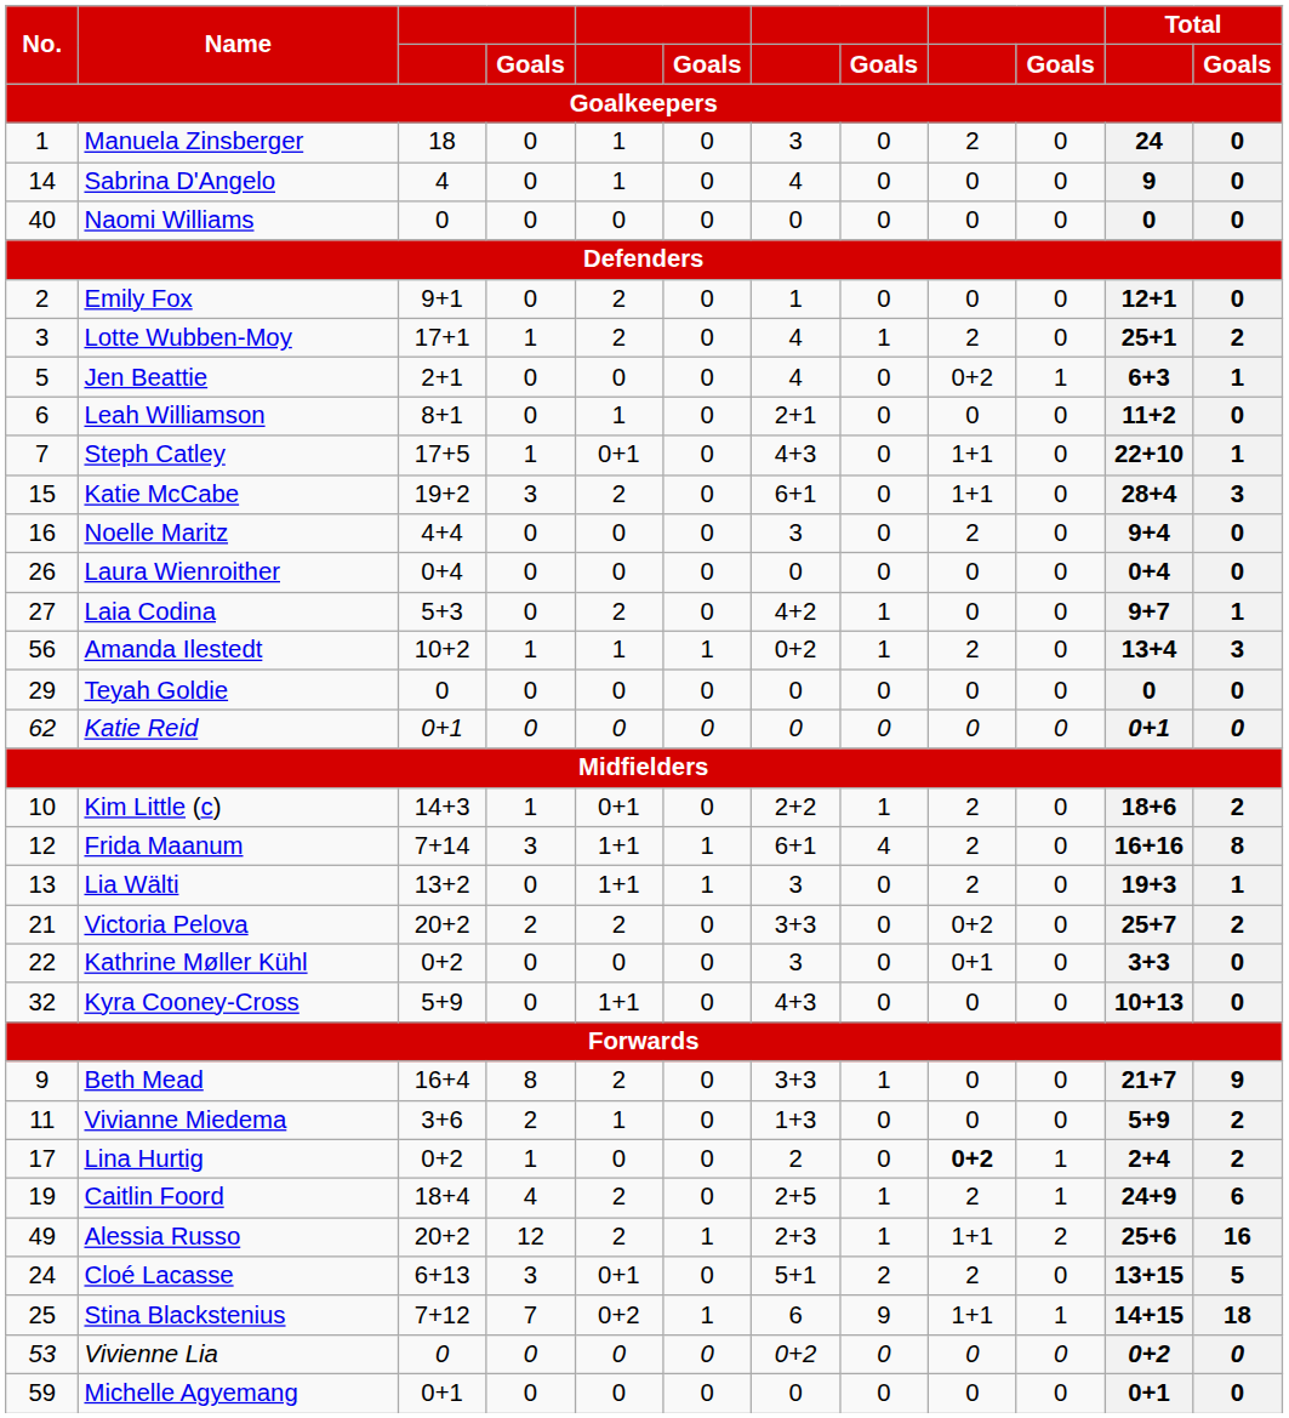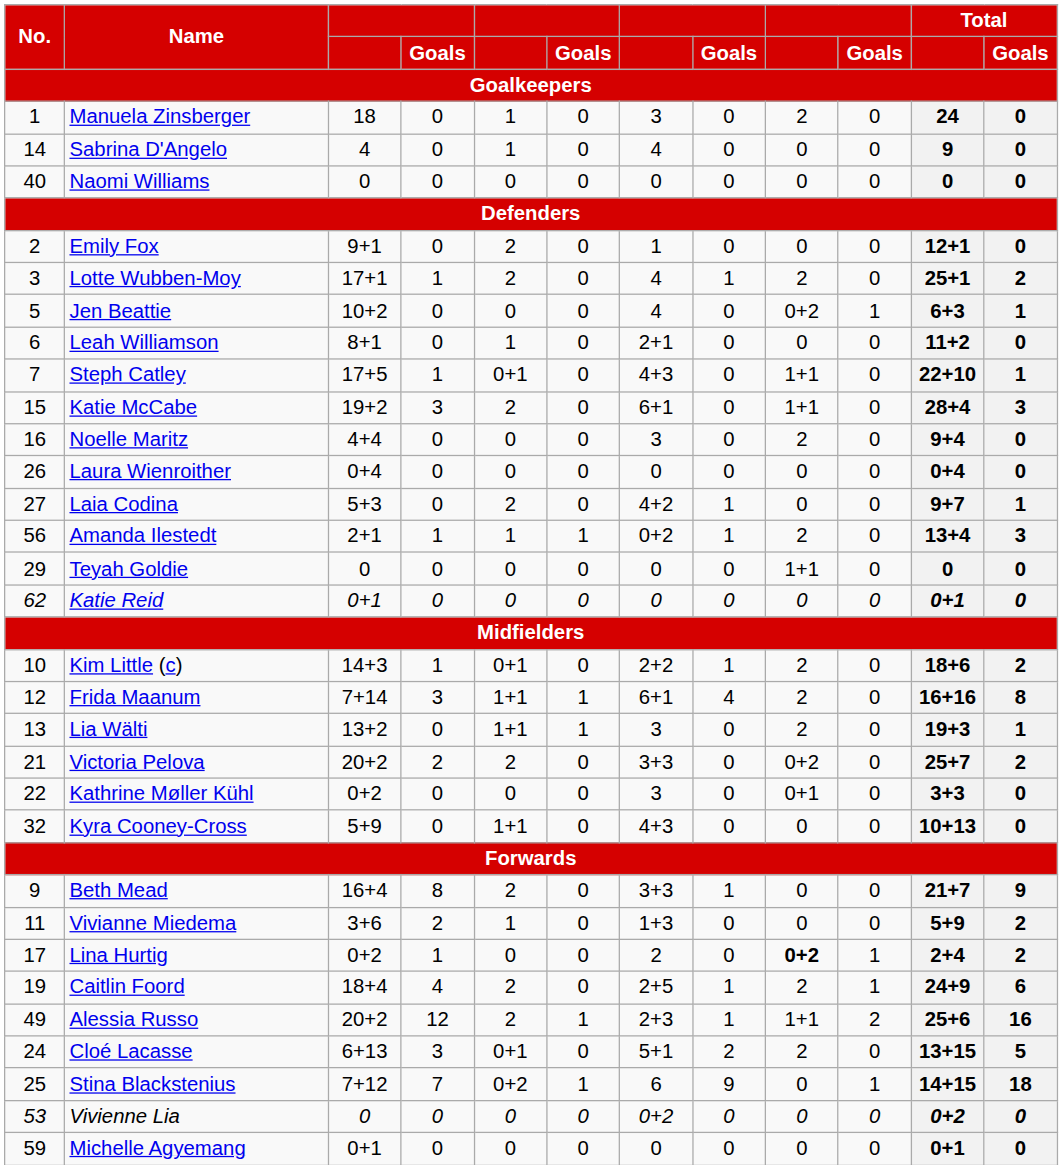 <table class="wikitable" style="text-align:center; font-size:100%; ">
 <tr>
 <th style="background:#d50000; color:white; text-align:center; width:40px;" rowspan="2">No.</th>
 <th style="background:#d50000; color:white; text-align:center; width:200px;" rowspan="2">Name</th>
 <th style="background:#d50000; color:white; text-align:center;" colspan="2"><a href='#'></a></th>
 <th style="background:#d50000; color:white; text-align:center;" colspan="2"><a href='#'></a></th>
 <th style="background:#d50000; color:white; text-align:center;" colspan="2"><a href='#'></a></th>
 <th style="background:#d50000; color:white; text-align:center;" colspan="2"><a href='#'></a></th>
 <th style="background:#d50000; color:white; text-align:center;" colspan="2">Total</th>
 </tr>
 <tr>
 <th style="background:#d50000; color:white; text-align:center; width:50px;"></th>
 <th style="background:#d50000; color:white; text-align:center; width:50px;">Goals</th>
 <th style="background:#d50000; color:white; text-align:center; width:50px;"></th>
 <th style="background:#d50000; color:white; text-align:center; width:50px;">Goals</th>
 <th style="background:#d50000; color:white; text-align:center; width:50px;"></th>
 <th style="background:#d50000; color:white; text-align:center; width:50px;">Goals</th>
 <th style="background:#d50000; color:white; text-align:center; width:50px;"></th>
 <th style="background:#d50000; color:white; text-align:center; width:50px;">Goals</th>
 <th style="background:#d50000; color:white; text-align:center; width:50px;"></th>
 <th style="background:#d50000; color:white; text-align:center; width:50px;">Goals</th>
 </tr>
 <tr>
 <th colspan="12" style="background:#d50000; color:white; text-align:center;">Goalkeepers</th>
 </tr>
 <tr>
 <td>1</td>
 <td align="left"> <a href='#'>Manuela Zinsberger</a></td>
 <td>18</td>
 <td>0</td>
 <td>1</td>
 <td>0</td>
 <td>3</td>
 <td>0</td>
 <td>2</td>
 <td>0</td>
 <th>24</th>
 <th>0</th>
 </tr>
 <tr>
 <td>14</td>
 <td align="left"> <a href='#'>Sabrina D'Angelo</a></td>
 <td>4</td>
 <td>0</td>
 <td>1</td>
 <td>0</td>
 <td>4</td>
 <td>0</td>
 <td>0</td>
 <td>0</td>
 <th>9</th>
 <th>0</th>
 </tr>
 <tr>
 <td>40</td>
 <td align="left"> <a href='#'>Naomi Williams</a></td>
 <td>0</td>
 <td>0</td>
 <td>0</td>
 <td>0</td>
 <td>0</td>
 <td>0</td>
 <td>0</td>
 <td>0</td>
 <th>0</th>
 <th>0</th>
 </tr>
 <tr>
 <th colspan="12" style="background:#d50000; color:white; text-align:center;">Defenders</th>
 </tr>
 <tr>
 <td>2</td>
 <td align="left"> <a href='#'>Emily Fox</a></td>
 <td>9+1</td>
 <td>0</td>
 <td>2</td>
 <td>0</td>
 <td>1</td>
 <td>0</td>
 <td>0</td>
 <td>0</td>
 <th>12+1</th>
 <th>0</th>
 </tr>
 <tr>
 <td>3</td>
 <td align="left"> <a href='#'>Lotte Wubben-Moy</a></td>
 <td>17+1</td>
 <td>1</td>
 <td>2</td>
 <td>0</td>
 <td>4</td>
 <td>1</td>
 <td>2</td>
 <td>0</td>
 <th>25+1</th>
 <th>2</th>
 </tr>
 <tr>
 <td>5</td>
 <td align="left"> <a href='#'>Jen Beattie</a></td>
-<td>2+1</td>
+<td>10+2</td>
 <td>0</td>
 <td>0</td>
 <td>0</td>
 <td>4</td>
 <td>0</td>
 <td>0+2</td>
 <td>1</td>
 <th>6+3</th>
 <th>1</th>
 </tr>
 <tr>
 <td>6</td>
 <td align="left"> <a href='#'>Leah Williamson</a></td>
 <td>8+1</td>
 <td>0</td>
 <td>1</td>
 <td>0</td>
 <td>2+1</td>
 <td>0</td>
 <td>0</td>
 <td>0</td>
 <th>11+2</th>
 <th>0</th>
 </tr>
 <tr>
 <td>7</td>
 <td align="left"> <a href='#'>Steph Catley</a></td>
 <td>17+5</td>
 <td>1</td>
 <td>0+1</td>
 <td>0</td>
 <td>4+3</td>
 <td>0</td>
 <td>1+1</td>
 <td>0</td>
 <th>22+10</th>
 <th>1</th>
 </tr>
 <tr>
 <td>15</td>
 <td align="left"> <a href='#'>Katie McCabe</a></td>
 <td>19+2</td>
 <td>3</td>
 <td>2</td>
 <td>0</td>
 <td>6+1</td>
 <td>0</td>
 <td>1+1</td>
 <td>0</td>
 <th>28+4</th>
 <th>3</th>
 </tr>
 <tr>
 <td>16</td>
 <td align="left"> <a href='#'>Noelle Maritz</a></td>
 <td>4+4</td>
 <td>0</td>
 <td>0</td>
 <td>0</td>
 <td>3</td>
 <td>0</td>
 <td>2</td>
 <td>0</td>
 <th>9+4</th>
 <th>0</th>
 </tr>
 <tr>
 <td>26</td>
 <td align="left"> <a href='#'>Laura Wienroither</a></td>
 <td>0+4</td>
 <td>0</td>
 <td>0</td>
 <td>0</td>
 <td>0</td>
 <td>0</td>
 <td>0</td>
 <td>0</td>
 <th>0+4</th>
 <th>0</th>
 </tr>
 <tr>
 <td>27</td>
 <td align="left"> <a href='#'>Laia Codina</a></td>
 <td>5+3</td>
 <td>0</td>
 <td>2</td>
 <td>0</td>
 <td>4+2</td>
 <td>1</td>
 <td>0</td>
 <td>0</td>
 <th>9+7</th>
 <th>1</th>
 </tr>
 <tr>
 <td>56</td>
 <td align="left"> <a href='#'>Amanda Ilestedt</a></td>
-<td>10+2</td>
+<td>2+1</td>
 <td>1</td>
 <td>1</td>
 <td>1</td>
 <td>0+2</td>
 <td>1</td>
 <td>2</td>
 <td>0</td>
 <th>13+4</th>
 <th>3</th>
 </tr>
 <tr>
 <td>29</td>
 <td align="left"> <a href='#'>Teyah Goldie</a></td>
 <td>0</td>
 <td>0</td>
 <td>0</td>
 <td>0</td>
 <td>0</td>
 <td>0</td>
-<td>0</td>
+<td>1+1</td>
 <td>0</td>
 <th>0</th>
 <th>0</th>
 </tr>
 <tr>
 <td><em>62</em></td>
 <td align="left"> <em><a href='#'>Katie Reid</a></em></td>
 <td><em>0+1</em></td>
 <td><em>0</em></td>
 <td><em>0</em></td>
 <td><em>0</em></td>
 <td><em>0</em></td>
 <td><em>0</em></td>
 <td><em>0</em></td>
 <td><em>0</em></td>
 <th><em>0+1</em></th>
 <th><em>0</em></th>
 </tr>
 <tr>
 <th colspan="12" style="background:#d50000; color:white; text-align:center;">Midfielders</th>
 </tr>
 <tr>
 <td>10</td>
 <td align="left"> <a href='#'>Kim Little</a> (<a href='#'>c</a>)</td>
 <td>14+3</td>
 <td>1</td>
 <td>0+1</td>
 <td>0</td>
 <td>2+2</td>
 <td>1</td>
 <td>2</td>
 <td>0</td>
 <th>18+6</th>
 <th>2</th>
 </tr>
 <tr>
 <td>12</td>
 <td align="left"> <a href='#'>Frida Maanum</a></td>
 <td>7+14</td>
 <td>3</td>
 <td>1+1</td>
 <td>1</td>
 <td>6+1</td>
 <td>4</td>
 <td>2</td>
 <td>0</td>
 <th>16+16</th>
 <th>8</th>
 </tr>
 <tr>
 <td>13</td>
 <td align="left"> <a href='#'>Lia Wälti</a></td>
 <td>13+2</td>
 <td>0</td>
 <td>1+1</td>
 <td>1</td>
 <td>3</td>
 <td>0</td>
 <td>2</td>
 <td>0</td>
 <th>19+3</th>
 <th>1</th>
 </tr>
 <tr>
 <td>21</td>
 <td align="left"> <a href='#'>Victoria Pelova</a></td>
 <td>20+2</td>
 <td>2</td>
 <td>2</td>
 <td>0</td>
 <td>3+3</td>
 <td>0</td>
 <td>0+2</td>
 <td>0</td>
 <th>25+7</th>
 <th>2</th>
 </tr>
 <tr>
 <td>22</td>
 <td align="left"> <a href='#'>Kathrine Møller Kühl</a></td>
 <td>0+2</td>
 <td>0</td>
 <td>0</td>
 <td>0</td>
 <td>3</td>
 <td>0</td>
 <td>0+1</td>
 <td>0</td>
 <th>3+3</th>
 <th>0</th>
 </tr>
 <tr>
 <td>32</td>
 <td align="left"> <a href='#'>Kyra Cooney-Cross</a></td>
 <td>5+9</td>
 <td>0</td>
 <td>1+1</td>
 <td>0</td>
 <td>4+3</td>
 <td>0</td>
 <td>0</td>
 <td>0</td>
 <th>10+13</th>
 <th>0</th>
 </tr>
 <tr>
 <th colspan="12" style="background:#d50000; color:white; text-align:center;">Forwards</th>
 </tr>
 <tr>
 <td>9</td>
 <td align="left"> <a href='#'>Beth Mead</a></td>
 <td>16+4</td>
 <td>8</td>
 <td>2</td>
 <td>0</td>
 <td>3+3</td>
 <td>1</td>
 <td>0</td>
 <td>0</td>
 <th>21+7</th>
 <th>9</th>
 </tr>
 <tr>
 <td>11</td>
 <td align="left"> <a href='#'>Vivianne Miedema</a></td>
 <td>3+6</td>
 <td>2</td>
 <td>1</td>
 <td>0</td>
 <td>1+3</td>
 <td>0</td>
 <td>0</td>
 <td>0</td>
 <th>5+9</th>
 <th>2</th>
 </tr>
 <tr>
 <td>17</td>
 <td align="left"> <a href='#'>Lina Hurtig</a></td>
 <td>0+2</td>
 <td>1</td>
 <td>0</td>
 <td>0</td>
 <td>2</td>
 <td>0</td>
 <td><strong>0+2</strong></td>
 <td>1</td>
 <th>2+4</th>
 <th>2</th>
 </tr>
 <tr>
 <td>19</td>
 <td align="left"> <a href='#'>Caitlin Foord</a></td>
 <td>18+4</td>
 <td>4</td>
 <td>2</td>
 <td>0</td>
 <td>2+5</td>
 <td>1</td>
 <td>2</td>
 <td>1</td>
 <th>24+9</th>
 <th>6</th>
 </tr>
 <tr>
 <td>49</td>
 <td align="left"> <a href='#'>Alessia Russo</a></td>
 <td>20+2</td>
 <td>12</td>
 <td>2</td>
 <td>1</td>
 <td>2+3</td>
 <td>1</td>
 <td>1+1</td>
 <td>2</td>
 <th>25+6</th>
 <th>16</th>
 </tr>
 <tr>
 <td>24</td>
 <td align="left"> <a href='#'>Cloé Lacasse</a></td>
 <td>6+13</td>
 <td>3</td>
 <td>0+1</td>
 <td>0</td>
 <td>5+1</td>
 <td>2</td>
 <td>2</td>
 <td>0</td>
 <th>13+15</th>
 <th>5</th>
 </tr>
 <tr>
 <td>25</td>
 <td align="left"> <a href='#'>Stina Blackstenius</a></td>
 <td>7+12</td>
 <td>7</td>
 <td>0+2</td>
 <td>1</td>
 <td>6</td>
 <td>9</td>
-<td>1+1</td>
+<td>0</td>
 <td>1</td>
 <th>14+15</th>
 <th>18</th>
 </tr>
 <tr>
 <td><em>53</em></td>
 <td align="left"> <em>Vivienne Lia</em></td>
 <td><em>0</em></td>
 <td><em>0</em></td>
 <td><em>0</em></td>
 <td><em>0</em></td>
 <td><em>0+2</em></td>
 <td><em>0</em></td>
 <td><em>0</em></td>
 <td><em>0</em></td>
 <th><em>0+2</em></th>
 <th><em>0</em></th>
 </tr>
 <tr>
 <td>59</td>
 <td align="left"> <a href='#'>Michelle Agyemang</a></td>
 <td>0+1</td>
 <td>0</td>
 <td>0</td>
 <td>0</td>
 <td>0</td>
 <td>0</td>
 <td>0</td>
 <td>0</td>
 <th>0+1</th>
 <th>0</th>
 </tr>
 </table>
